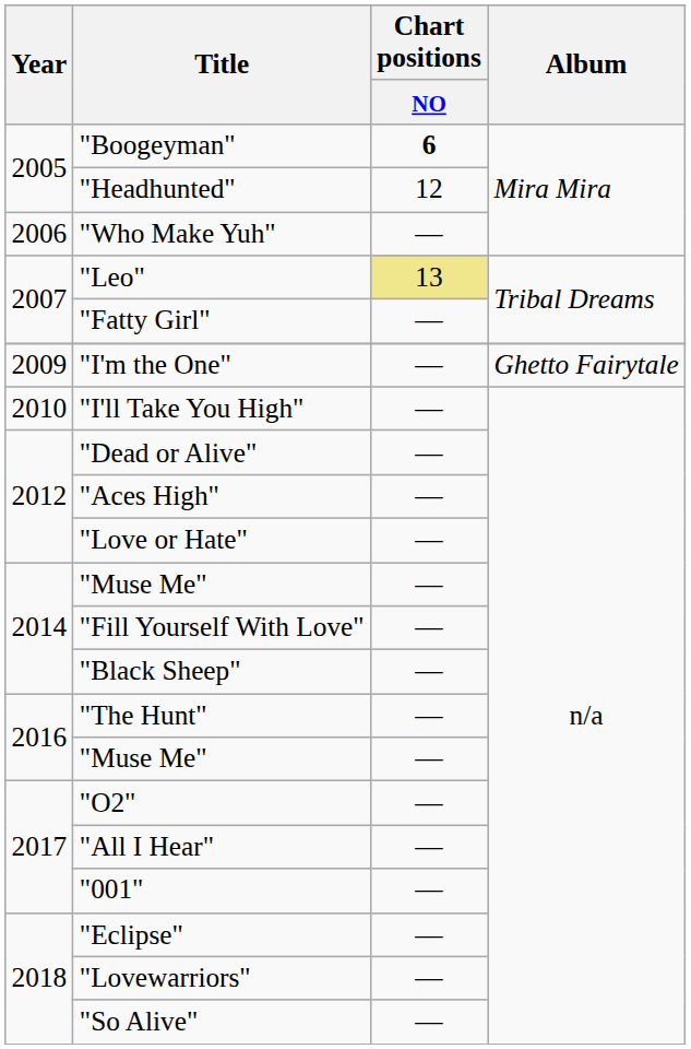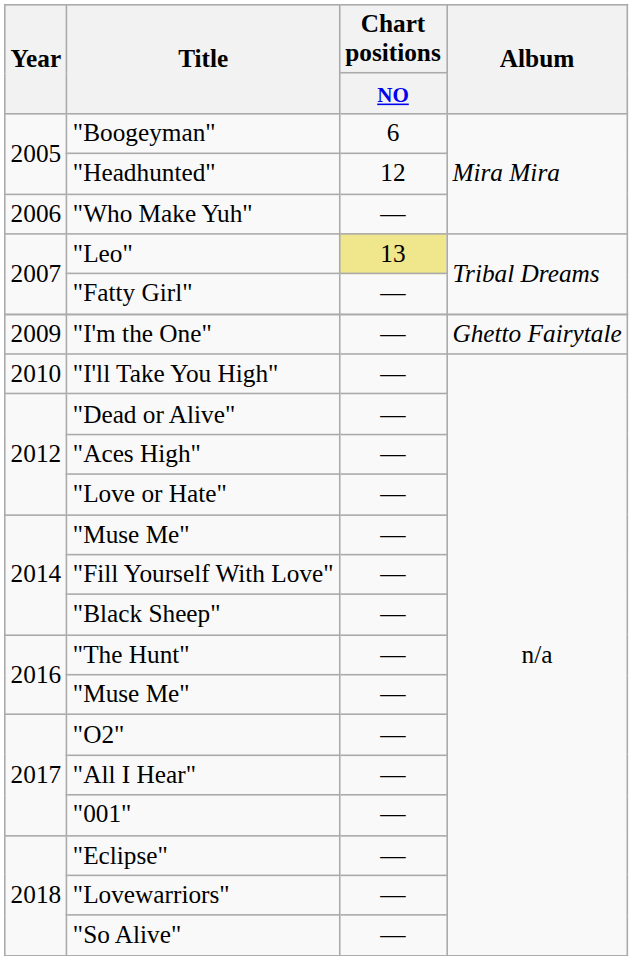 <table class="wikitable">
 <tr>
 <th rowspan="2">Year</th>
 <th rowspan="2">Title</th>
 <th colspan="1">Chart positions</th>
 <th rowspan="2">Album</th>
 </tr>
 <tr>
 <th width="50"><small><a href='#'>NO</a></small></th>
 </tr>
 <tr>
 <td rowspan="2">2005</td>
 <td>"Boogeyman"</td>
-<td align="center"><strong>6</strong></td>
+<td align="center">6</td>
 <td rowspan="3"><em>Mira Mira</em></td>
 </tr>
 <tr>
 <td>"Headhunted"</td>
 <td align="center">12</td>
 </tr>
 <tr>
 <td>2006</td>
 <td>"Who Make Yuh"</td>
 <td align="center">—</td>
 </tr>
 <tr>
 <td rowspan="2">2007</td>
 <td>"Leo"</td>
 <td align="center" style="background: khaki;">13</td>
 <td rowspan="2"><em>Tribal Dreams</em></td>
 </tr>
 <tr>
 <td>"Fatty Girl"</td>
 <td align="center">—</td>
 </tr>
 <tr>
 </tr>
 <tr>
 <td>2009</td>
 <td>"I'm the One"</td>
 <td align="center">—</td>
 <td rowspan="1"><em>Ghetto Fairytale</em></td>
 </tr>
 <tr>
 <td>2010</td>
 <td>"I'll Take You High"</td>
 <td align="center">—</td>
 <td rowspan="15" align="center">n/a</td>
 </tr>
 <tr>
 <td rowspan="3">2012</td>
 <td>"Dead or Alive"</td>
 <td align="center">—</td>
 </tr>
 <tr>
 <td>"Aces High"</td>
 <td align="center">—</td>
 </tr>
 <tr>
 <td>"Love or Hate"</td>
 <td align="center">—</td>
 </tr>
 <tr>
 <td rowspan="3">2014</td>
 <td>"Muse Me"</td>
 <td align="center">—</td>
 </tr>
 <tr>
 <td>"Fill Yourself With Love"</td>
 <td align="center">—</td>
 </tr>
 <tr>
 <td>"Black Sheep"</td>
 <td align="center">—</td>
 </tr>
 <tr>
 <td rowspan="2">2016</td>
 <td>"The Hunt"</td>
 <td align="center">—</td>
 </tr>
 <tr>
 <td>"Muse Me"</td>
 <td align="center">—</td>
 </tr>
 <tr>
 <td rowspan="3">2017</td>
 <td>"O2"</td>
 <td align="center">—</td>
 </tr>
 <tr>
 <td>"All I Hear"</td>
 <td align="center">—</td>
 </tr>
 <tr>
 <td>"001"</td>
 <td align="center">—</td>
 </tr>
 <tr>
 <td rowspan="3">2018</td>
 <td>"Eclipse"</td>
 <td align="center">—</td>
 </tr>
 <tr>
 <td>"Lovewarriors"</td>
 <td align="center">—</td>
 </tr>
 <tr>
 <td>"So Alive"</td>
 <td align="center">—</td>
 </tr>
 <tr>
 </tr>
 </table>
